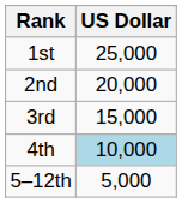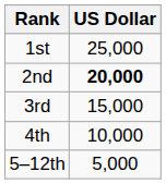 <table class="wikitable floatright" style="text-align: center;">
 <tr>
 </tr>
 <tr bgcolor="dddddd">
 <th>Rank</th>
 <th>US Dollar</th>
 </tr>
 <tr>
 <td>1st</td>
 <td>25,000</td>
 </tr>
 <tr>
 <td>2nd</td>
-<td>20,000</td>
+<td><strong>20,000</strong></td>
 </tr>
 <tr>
 <td>3rd</td>
 <td>15,000</td>
 </tr>
 <tr>
 <td>4th</td>
-<td style="background: lightblue;">10,000</td>
+<td>10,000</td>
 </tr>
 <tr>
 <td>5–12th</td>
 <td>5,000</td>
 </tr>
 </table>
